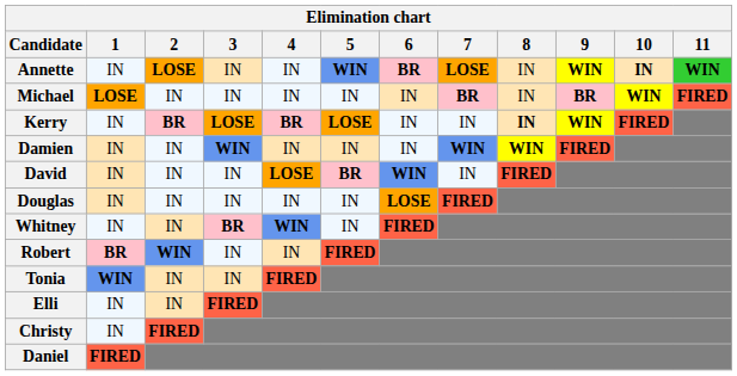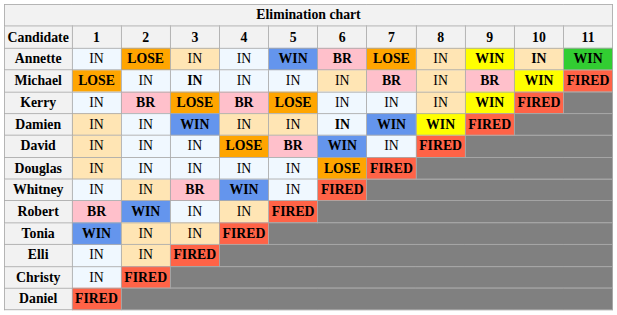 <table class="wikitable" style="text-align:center">
 <tr>
 <th colspan="16">Elimination chart</th>
 </tr>
 <tr>
 <th>Candidate</th>
 <th>1</th>
 <th>2</th>
 <th>3</th>
 <th>4</th>
 <th>5</th>
 <th>6</th>
 <th>7</th>
 <th>8</th>
 <th>9</th>
 <th>10</th>
 <th>11</th>
 </tr>
 <tr>
 <th>Annette</th>
 <td bgcolor="#F0F8FF">IN</td>
 <td bgcolor="orange"><strong>LOSE</strong></td>
 <td bgcolor="#FFE5B4">IN</td>
 <td bgcolor="#F0F8FF">IN</td>
 <td bgcolor="cornflowerblue"><strong>WIN</strong></td>
 <td bgcolor="pink"><strong>BR</strong></td>
 <td bgcolor="orange"><strong>LOSE</strong></td>
 <td bgcolor="#FFE5B4">IN</td>
 <td bgcolor="yellow"><strong>WIN</strong></td>
 <td bgcolor="#FFE5B4"><strong>IN</strong></td>
 <td bgcolor="limegreen"><strong>WIN</strong></td>
 </tr>
 <tr>
 <th>Michael</th>
 <td bgcolor="orange"><strong>LOSE</strong></td>
 <td bgcolor="#F0F8FF">IN</td>
-<td bgcolor="#F0F8FF">IN</td>
+<td bgcolor="#F0F8FF"><strong>IN</strong></td>
 <td bgcolor="#F0F8FF">IN</td>
 <td bgcolor="#F0F8FF">IN</td>
 <td bgcolor="#FFE5B4">IN</td>
 <td bgcolor="pink"><strong>BR</strong></td>
 <td bgcolor="#FFE5B4">IN</td>
 <td bgcolor="pink"><strong>BR</strong></td>
 <td bgcolor="yellow"><strong>WIN</strong></td>
 <td bgcolor="tomato"><strong>FIRED</strong></td>
 </tr>
 <tr>
 <th>Kerry</th>
 <td bgcolor="#F0F8FF">IN</td>
 <td bgcolor="pink"><strong>BR</strong></td>
 <td bgcolor="orange"><strong>LOSE</strong></td>
 <td bgcolor="pink"><strong>BR</strong></td>
 <td bgcolor="orange"><strong>LOSE</strong></td>
 <td bgcolor="#F0F8FF">IN</td>
 <td bgcolor="#F0F8FF">IN</td>
-<td bgcolor="#FFE5B4"><strong>IN</strong></td>
+<td bgcolor="#FFE5B4">IN</td>
 <td bgcolor="yellow"><strong>WIN</strong></td>
 <td bgcolor="tomato"><strong>FIRED</strong></td>
 <td colspan="1" bgcolor=gray></td>
 </tr>
 <tr>
 <th>Damien</th>
 <td bgcolor="#FFE5B4">IN</td>
 <td bgcolor="#F0F8FF">IN</td>
 <td bgcolor="cornflowerblue"><strong>WIN</strong></td>
 <td bgcolor="#FFE5B4">IN</td>
 <td bgcolor="#FFE5B4">IN</td>
-<td bgcolor="#F0F8FF">IN</td>
+<td bgcolor="#F0F8FF"><strong>IN</strong></td>
 <td bgcolor="cornflowerblue"><strong>WIN</strong></td>
 <td bgcolor="yellow"><strong>WIN</strong></td>
 <td bgcolor="tomato"><strong>FIRED</strong></td>
 <td colspan="2" bgcolor=gray></td>
 </tr>
 <tr>
 <th>David</th>
 <td bgcolor="#FFE5B4">IN</td>
 <td bgcolor="#F0F8FF">IN</td>
 <td bgcolor="#F0F8FF">IN</td>
 <td bgcolor="orange"><strong>LOSE</strong></td>
 <td bgcolor="pink"><strong>BR</strong></td>
 <td bgcolor="cornflowerblue"><strong>WIN</strong></td>
 <td bgcolor="#F0F8FF">IN</td>
 <td bgcolor="tomato"><strong>FIRED</strong></td>
 <td colspan="3" bgcolor=gray></td>
 </tr>
 <tr>
 <th>Douglas</th>
 <td bgcolor="#FFE5B4">IN</td>
 <td bgcolor="#F0F8FF">IN</td>
 <td bgcolor="#F0F8FF">IN</td>
 <td bgcolor="#F0F8FF">IN</td>
 <td bgcolor="#F0F8FF">IN</td>
 <td bgcolor="orange"><strong>LOSE</strong></td>
 <td bgcolor="tomato"><strong>FIRED</strong></td>
 <td colspan="4" bgcolor=gray></td>
 </tr>
 <tr>
 <th>Whitney</th>
 <td bgcolor="#F0F8FF">IN</td>
 <td bgcolor="#FFE5B4">IN</td>
 <td bgcolor="pink"><strong>BR</strong></td>
 <td bgcolor="cornflowerblue"><strong>WIN</strong></td>
 <td bgcolor="#F0F8FF">IN</td>
 <td bgcolor="tomato"><strong>FIRED</strong></td>
 <td colspan="5" bgcolor=gray></td>
 </tr>
 <tr>
 <th>Robert</th>
 <td bgcolor="pink"><strong>BR</strong></td>
 <td bgcolor="cornflowerblue"><strong>WIN</strong></td>
 <td bgcolor="#F0F8FF">IN</td>
 <td bgcolor="#FFE5B4">IN</td>
 <td bgcolor="tomato"><strong>FIRED</strong></td>
 <td colspan="6" bgcolor=gray></td>
 </tr>
 <tr>
 <th>Tonia</th>
 <td bgcolor="cornflowerblue"><strong>WIN</strong></td>
 <td bgcolor="#FFE5B4">IN</td>
 <td bgcolor="#FFE5B4">IN</td>
 <td bgcolor="tomato"><strong>FIRED</strong></td>
 <td colspan="7" bgcolor=gray></td>
 </tr>
 <tr>
 <th>Elli</th>
 <td bgcolor="#F0F8FF">IN</td>
 <td bgcolor="#FFE5B4">IN</td>
 <td bgcolor="tomato"><strong>FIRED</strong></td>
 <td colspan="8" bgcolor=gray></td>
 </tr>
 <tr>
 <th>Christy</th>
 <td bgcolor="#F0F8FF">IN</td>
 <td bgcolor="tomato"><strong>FIRED</strong></td>
 <td colspan="9" bgcolor=gray></td>
 </tr>
 <tr>
 <th>Daniel</th>
 <td bgcolor="tomato"><strong>FIRED</strong></td>
 <td colspan="10" bgcolor=gray></td>
 </tr>
 </table>
